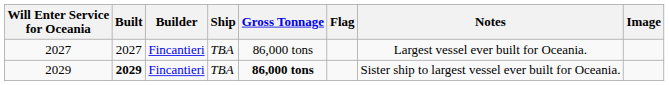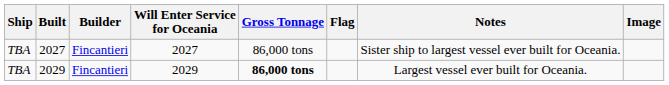 <table class="wikitable">
 <tr>
-<th>Will Enter Service<br>for Oceania</th>
+<th>Ship</th>
 <th>Built</th>
 <th>Builder</th>
-<th>Ship</th>
+<th>Will Enter Service<br>for Oceania</th>
 <th><a href='#'>Gross Tonnage</a></th>
 <th>Flag</th>
 <th>Notes</th>
 <th>Image</th>
 </tr>
 <tr>
-<td align="Center">2027</td>
+<td><em>TBA</em></td>
 <td align="Center">2027</td>
 <td align="Center"><a href='#'>Fincantieri</a></td>
+<td align="Center">2027</td>
+<td align="Center">86,000 tons</td>
+<td align="Center"></td>
+<td align="Center">Sister ship to largest vessel ever built for Oceania.</td>
+<td></td>
+</tr>
+<tr>
 <td><em>TBA</em></td>
-<td align="Center">86,000 tons</td>
+<td align="Center">2029</td>
+<td align="Center"><a href='#'>Fincantieri</a></td>
+<td align="Center">2029</td>
+<td align="Center"><strong>86,000 tons</strong></td>
 <td align="Center"></td>
 <td align="Center">Largest vessel ever built for Oceania.</td>
 <td></td>
 </tr>
-<tr>
-<td align="Center">2029</td>
-<td align="Center"><strong>2029</strong></td>
-<td align="Center"><a href='#'>Fincantieri</a></td>
-<td><em>TBA</em></td>
-<td align="Center"><strong>86,000 tons</strong></td>
-<td align="Center"></td>
-<td align="Center">Sister ship to largest vessel ever built for Oceania.</td>
-<td></td>
-</tr>
 </table>
